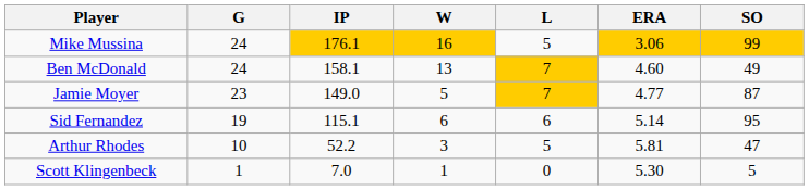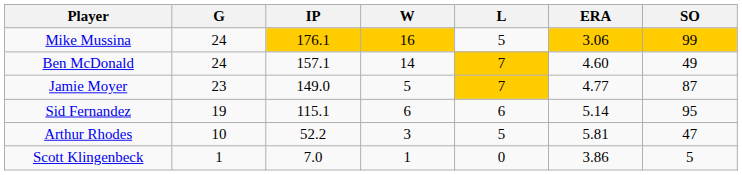 <table class="wikitable sortable">
 <tr>
 <th bgcolor="#DDDDFF" width="16%">Player</th>
 <th bgcolor="#DDDDFF" width="9%">G</th>
 <th bgcolor="#DDDDFF" width="9%">IP</th>
 <th bgcolor="#DDDDFF" width="9%">W</th>
 <th bgcolor="#DDDDFF" width="9%">L</th>
 <th bgcolor="#DDDDFF" width="9%">ERA</th>
 <th bgcolor="#DDDDFF" width="9%">SO</th>
 </tr>
 <tr align="center">
 <td><a href='#'>Mike Mussina</a></td>
 <td>24</td>
 <td style="background:#fc0;">176.1</td>
 <td style="background:#fc0;">16</td>
 <td>5</td>
 <td style="background:#fc0;">3.06</td>
 <td style="background:#fc0;">99</td>
 </tr>
 <tr align=center>
 <td><a href='#'>Ben McDonald</a></td>
 <td>24</td>
-<td>158.1</td>
-<td>13</td>
+<td>157.1</td>
+<td>14</td>
 <td style="background:#fc0;">7</td>
 <td>4.60</td>
 <td>49</td>
 </tr>
 <tr align=center>
 <td><a href='#'>Jamie Moyer</a></td>
 <td>23</td>
 <td>149.0</td>
 <td>5</td>
 <td style="background:#fc0;">7</td>
 <td>4.77</td>
 <td>87</td>
 </tr>
 <tr align=center>
 <td><a href='#'>Sid Fernandez</a></td>
 <td>19</td>
 <td>115.1</td>
 <td>6</td>
 <td>6</td>
 <td>5.14</td>
 <td>95</td>
 </tr>
 <tr align=center>
 <td><a href='#'>Arthur Rhodes</a></td>
 <td>10</td>
 <td>52.2</td>
 <td>3</td>
 <td>5</td>
 <td>5.81</td>
 <td>47</td>
 </tr>
 <tr align=center>
 <td><a href='#'>Scott Klingenbeck</a></td>
 <td>1</td>
 <td>7.0</td>
 <td>1</td>
 <td>0</td>
-<td>5.30</td>
+<td>3.86</td>
 <td>5</td>
 </tr>
 </table>
